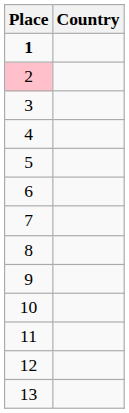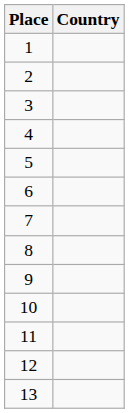 <table class="wikitable" style="font-size:95%;">
 <tr>
 <th>Place</th>
 <th>Country</th>
 </tr>
 <tr>
-<td align=center><strong>1</strong></td>
+<td align=center>1</td>
 <td></td>
 </tr>
 <tr>
-<td align=center style="background: pink;">2</td>
+<td align=center>2</td>
 <td></td>
 </tr>
 <tr>
 <td align=center>3</td>
 <td></td>
 </tr>
 <tr>
 <td align=center>4</td>
 <td></td>
 </tr>
 <tr>
 <td align=center>5</td>
 <td></td>
 </tr>
 <tr>
 <td align=center>6</td>
 <td></td>
 </tr>
 <tr>
 <td align=center>7</td>
 <td></td>
 </tr>
 <tr>
 <td align=center>8</td>
 <td></td>
 </tr>
 <tr>
 <td align=center>9</td>
 <td></td>
 </tr>
 <tr>
 <td align=center>10</td>
 <td></td>
 </tr>
 <tr>
 <td align=center>11</td>
 <td></td>
 </tr>
 <tr>
 <td align=center>12</td>
 <td></td>
 </tr>
 <tr>
 <td align=center>13</td>
 <td></td>
 </tr>
 </table>
